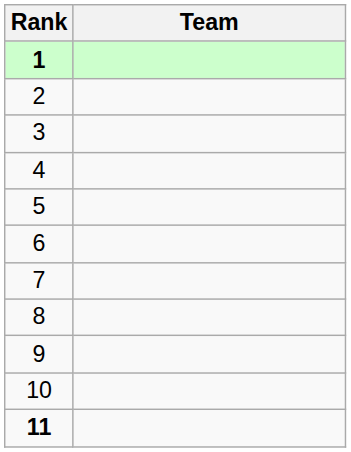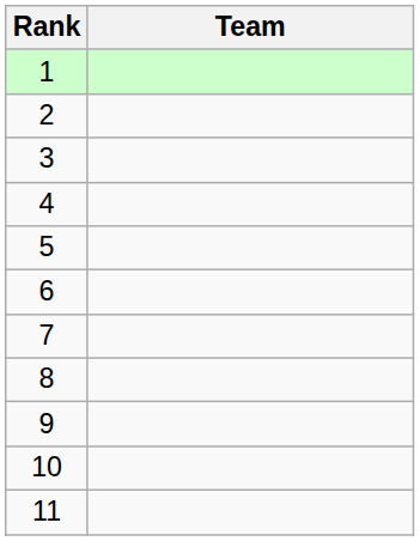 <table class="wikitable" style="text-align: center;">
 <tr>
 <th width=40>Rank</th>
 <th width=180>Team</th>
 </tr>
 <tr bgcolor=ccffcc>
-<td><strong>1</strong></td>
+<td>1</td>
 <td align=left></td>
 </tr>
 <tr>
 <td>2</td>
 <td align=left></td>
 </tr>
 <tr>
 <td>3</td>
 <td align=left></td>
 </tr>
 <tr>
 <td>4</td>
 <td align=left></td>
 </tr>
 <tr>
 <td>5</td>
 <td align=left></td>
 </tr>
 <tr>
 <td>6</td>
 <td align=left></td>
 </tr>
 <tr>
 <td>7</td>
 <td align=left></td>
 </tr>
 <tr>
 <td>8</td>
 <td align=left></td>
 </tr>
 <tr>
 <td>9</td>
 <td align=left></td>
 </tr>
 <tr>
 <td>10</td>
 <td align=left></td>
 </tr>
 <tr>
-<td><strong>11</strong></td>
+<td>11</td>
 <td align=left></td>
 </tr>
 </table>
